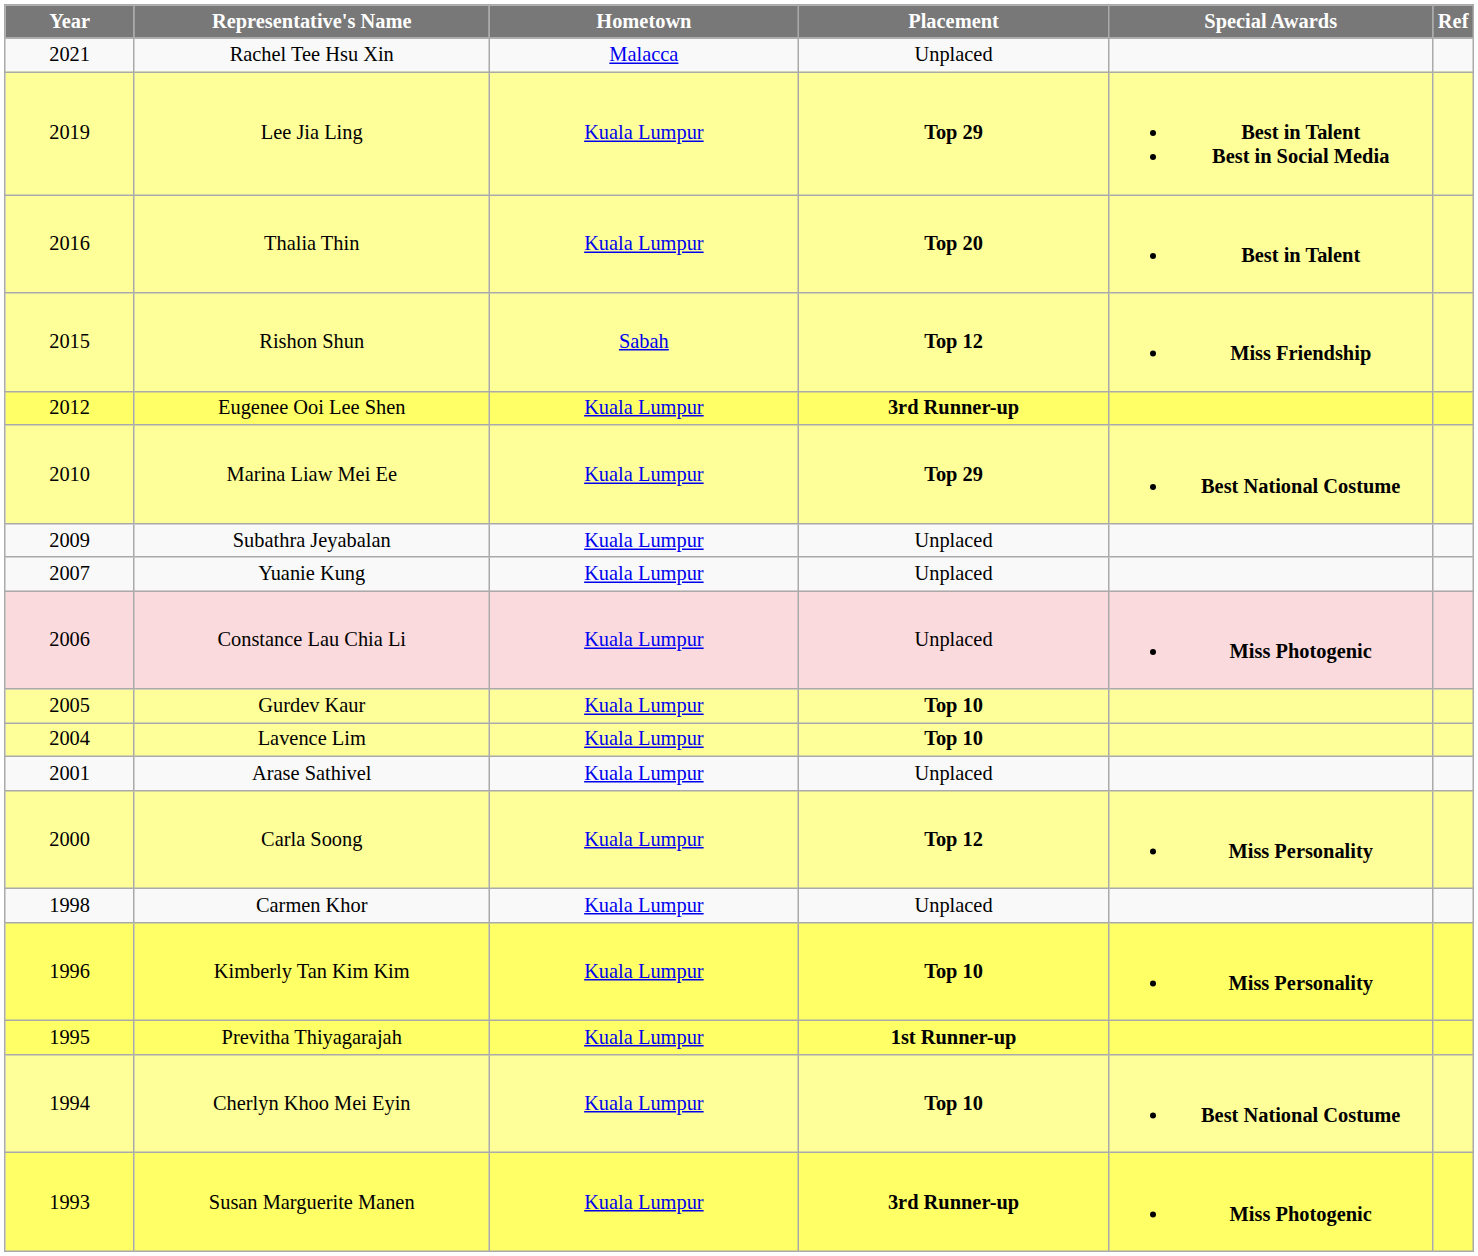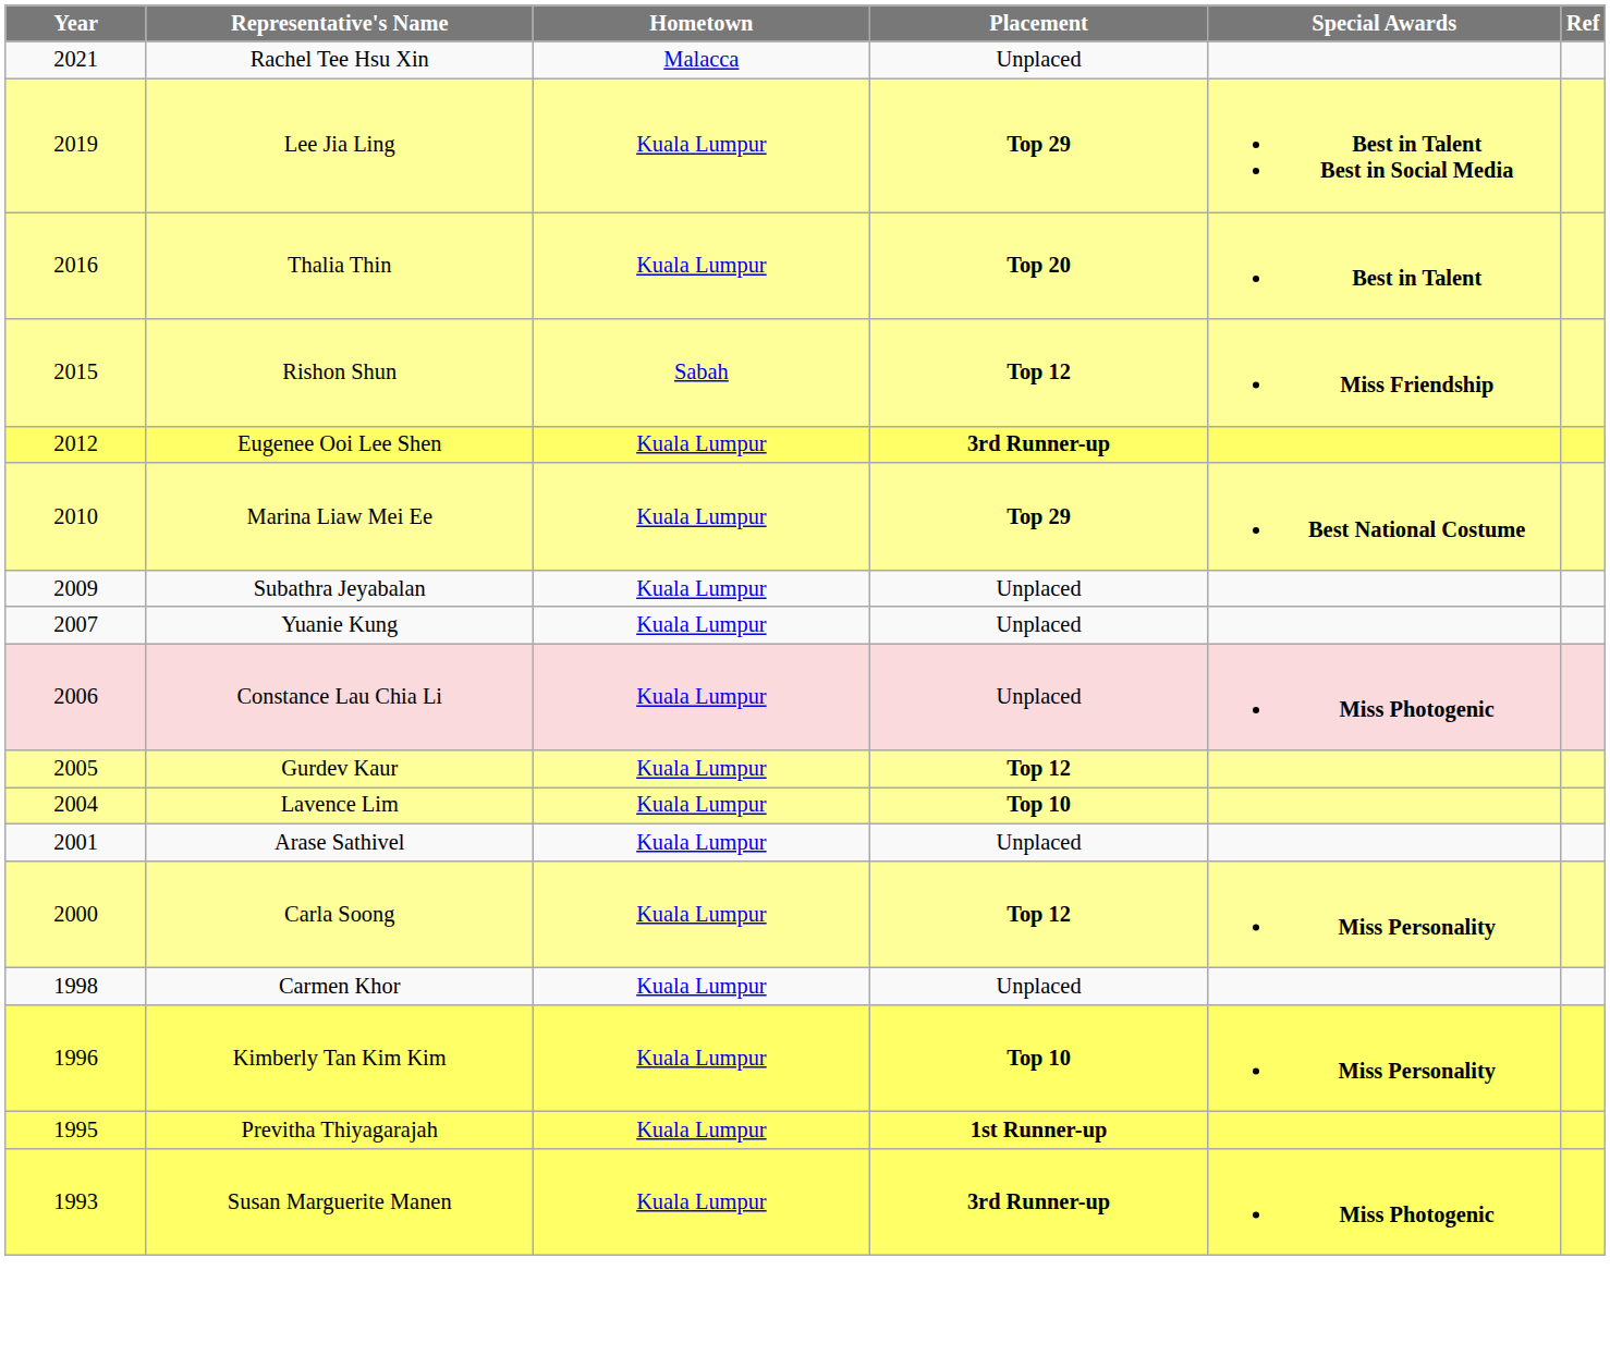 <table class="wikitable sortable" style="font-size: 85%; text-align:center">
 <tr>
 <th width="80" style="background-color:#787878;color:#FFFFFF;">Year</th>
 <th width="230" style="background-color:#787878;color:#FFFFFF;">Representative's Name</th>
 <th width="200" style="background-color:#787878;color:#FFFFFF;">Hometown</th>
 <th width="200" style="background-color:#787878;color:#FFFFFF;">Placement</th>
 <th width="210" style="background-color:#787878;color:#FFFFFF;">Special Awards</th>
 <th width="8" style="background-color:#787878;color:#FFFFFF;">Ref</th>
 </tr>
 <tr>
 <td>2021</td>
 <td>Rachel Tee Hsu Xin</td>
 <td><a href='#'>Malacca</a></td>
 <td>Unplaced</td>
 <td></td>
 <td></td>
 </tr>
 <tr style="background-color:#FFFF99">
 <td>2019</td>
 <td>Lee Jia Ling</td>
 <td><a href='#'>Kuala Lumpur</a></td>
 <td><strong>Top 29</strong></td>
 <td><br><ul><li><strong>Best in Talent</strong></li><li><strong>Best in Social Media</strong></li></ul></td>
 <td></td>
 </tr>
 <tr style="background-color:#FFFF99">
 <td>2016</td>
 <td>Thalia Thin</td>
 <td><a href='#'>Kuala Lumpur</a></td>
 <td><strong>Top 20</strong></td>
 <td><br><ul><li><strong>Best in Talent</strong></li></ul></td>
 <td></td>
 </tr>
 <tr style="background-color:#FFFF99">
 <td>2015</td>
 <td>Rishon Shun</td>
 <td><a href='#'>Sabah</a></td>
 <td><strong>Top 12</strong></td>
 <td><br><ul><li><strong>Miss Friendship</strong></li></ul></td>
 <td></td>
 </tr>
 <tr style="background-color:#FFFF66">
 <td>2012</td>
 <td>Eugenee Ooi Lee Shen</td>
 <td><a href='#'>Kuala Lumpur</a></td>
 <td><strong>3rd Runner-up</strong></td>
 <td></td>
 <td></td>
 </tr>
 <tr style="background-color:#FFFF99">
 <td>2010</td>
 <td>Marina Liaw Mei Ee</td>
 <td><a href='#'>Kuala Lumpur</a></td>
 <td><strong>Top 29</strong></td>
 <td><br><ul><li><strong>Best National Costume</strong></li></ul></td>
 <td></td>
 </tr>
 <tr>
 <td>2009</td>
 <td>Subathra Jeyabalan</td>
 <td><a href='#'>Kuala Lumpur</a></td>
 <td>Unplaced</td>
 <td></td>
 <td></td>
 </tr>
 <tr>
 <td>2007</td>
 <td>Yuanie Kung</td>
 <td><a href='#'>Kuala Lumpur</a></td>
 <td>Unplaced</td>
 <td></td>
 <td></td>
 </tr>
 <tr style="background-color:#FADADD;: bold">
 <td>2006</td>
 <td>Constance Lau Chia Li</td>
 <td><a href='#'>Kuala Lumpur</a></td>
 <td>Unplaced</td>
 <td><br><ul><li><strong>Miss Photogenic</strong></li></ul></td>
 <td></td>
 </tr>
 <tr style="background-color:#FFFF99">
 <td>2005</td>
 <td>Gurdev Kaur</td>
 <td><a href='#'>Kuala Lumpur</a></td>
-<td><strong>Top 10</strong></td>
+<td><strong>Top 12</strong></td>
 <td></td>
 <td></td>
 </tr>
 <tr style="background-color:#FFFF99">
 <td>2004</td>
 <td>Lavence Lim</td>
 <td><a href='#'>Kuala Lumpur</a></td>
 <td><strong>Top 10</strong></td>
 <td></td>
 <td></td>
 </tr>
 <tr>
 <td>2001</td>
 <td>Arase Sathivel</td>
 <td><a href='#'>Kuala Lumpur</a></td>
 <td>Unplaced</td>
 <td></td>
 <td></td>
 </tr>
 <tr style="background-color:#FFFF99">
 <td>2000</td>
 <td>Carla Soong</td>
 <td><a href='#'>Kuala Lumpur</a></td>
 <td><strong>Top 12</strong></td>
 <td><br><ul><li><strong>Miss Personality</strong></li></ul></td>
 <td></td>
 </tr>
 <tr>
 <td>1998</td>
 <td>Carmen Khor</td>
 <td><a href='#'>Kuala Lumpur</a></td>
 <td>Unplaced</td>
 <td></td>
 <td></td>
 </tr>
 <tr style="background-color:#FFFF66">
 <td>1996</td>
 <td>Kimberly Tan Kim Kim</td>
 <td><a href='#'>Kuala Lumpur</a></td>
 <td><strong>Top 10</strong></td>
 <td><br><ul><li><strong>Miss Personality</strong></li></ul></td>
 <td></td>
 </tr>
 <tr style="background-color:#FFFF66">
 <td>1995</td>
 <td>Previtha Thiyagarajah</td>
 <td><a href='#'>Kuala Lumpur</a></td>
 <td><strong>1st Runner-up</strong></td>
 <td></td>
 <td></td>
 </tr>
-<tr style="background-color:#FFFF99">
-<td>1994</td>
-<td>Cherlyn Khoo Mei Eyin</td>
-<td><a href='#'>Kuala Lumpur</a></td>
-<td><strong>Top 10</strong></td>
-<td><br><ul><li><strong>Best National Costume</strong></li></ul></td>
-<td></td>
-</tr>
 <tr style="background-color:#FFFF66">
 <td>1993</td>
 <td>Susan Marguerite Manen</td>
 <td><a href='#'>Kuala Lumpur</a></td>
 <td><strong>3rd Runner-up</strong></td>
 <td><br><ul><li><strong>Miss Photogenic</strong></li></ul></td>
 <td></td>
 </tr>
 </table>
